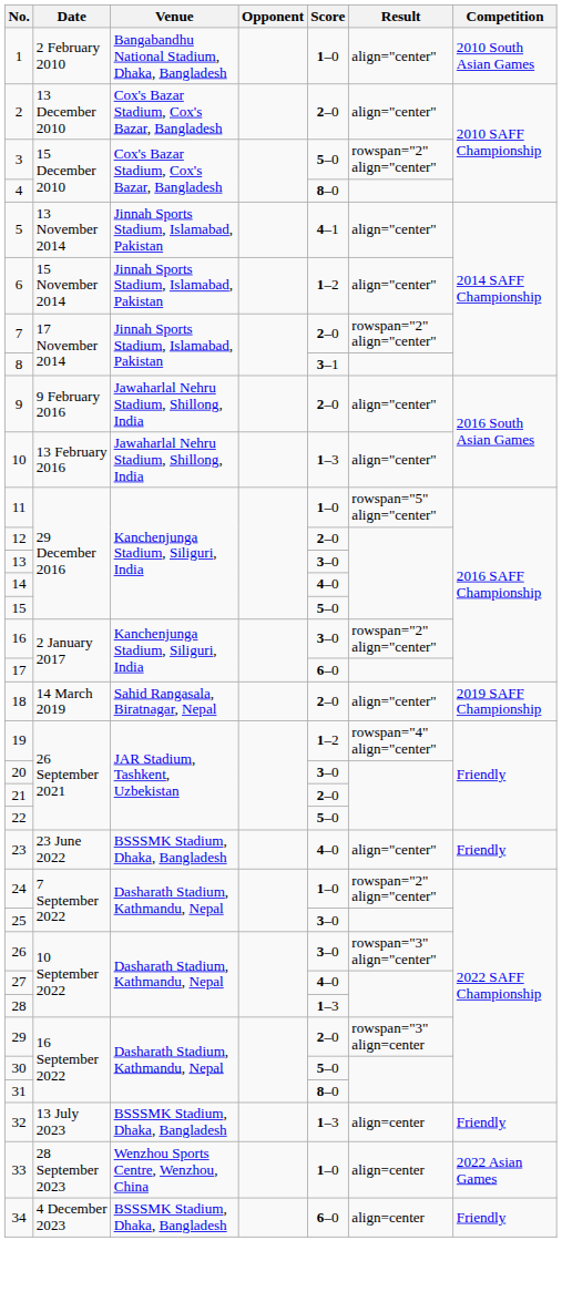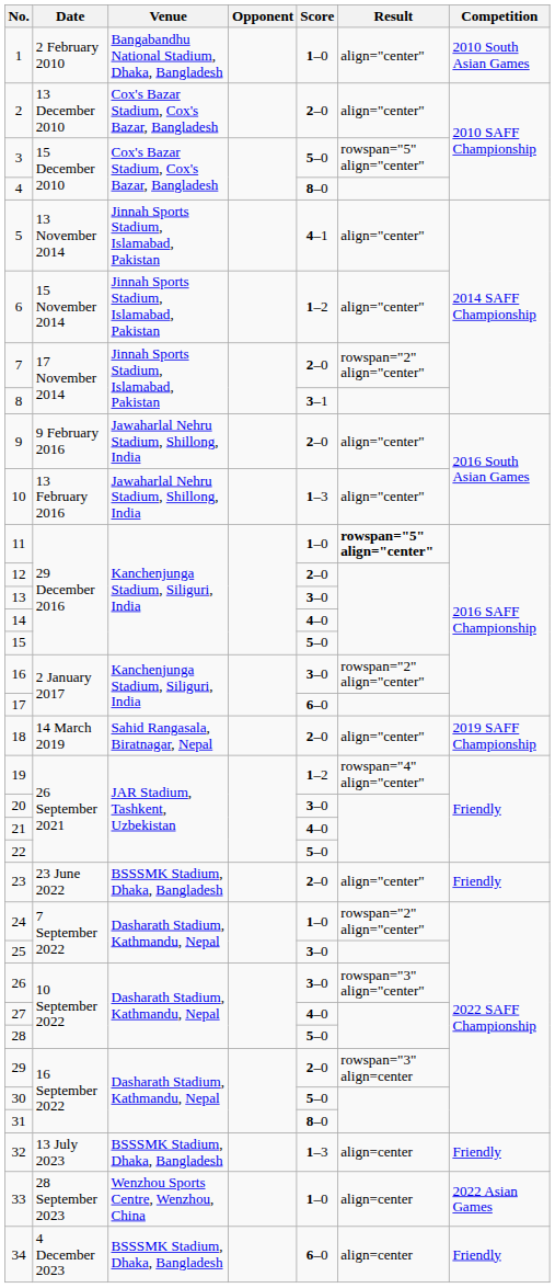 <table class="wikitable sortable">
 <tr>
 <th scope="col">No.</th>
 <th scope="col">Date</th>
 <th scope="col">Venue</th>
 <th scope="col">Opponent</th>
 <th scope="col">Score</th>
 <th scope="col">Result</th>
 <th scope="col">Competition</th>
 </tr>
 <tr>
 <td align=center>1</td>
 <td>2 February 2010</td>
 <td><a href='#'>Bangabandhu National Stadium</a>, <a href='#'>Dhaka</a>, <a href='#'>Bangladesh</a></td>
 <td></td>
 <td align=center><strong>1</strong>–0</td>
 <td>align="center" </td>
 <td><a href='#'>2010 South Asian Games</a></td>
 </tr>
 <tr>
 <td align=center>2</td>
 <td>13 December 2010</td>
 <td><a href='#'>Cox's Bazar Stadium</a>, <a href='#'>Cox's Bazar</a>, <a href='#'>Bangladesh</a></td>
 <td></td>
 <td align=center><strong>2</strong>–0</td>
 <td>align="center" </td>
 <td rowspan="3"><a href='#'>2010 SAFF Championship</a></td>
 </tr>
 <tr>
 <td align=center>3</td>
 <td rowspan="2">15 December 2010</td>
 <td rowspan="2"><a href='#'>Cox's Bazar Stadium</a>, <a href='#'>Cox's Bazar</a>, <a href='#'>Bangladesh</a></td>
 <td rowspan="2"></td>
 <td align=center><strong>5</strong>–0</td>
-<td>rowspan="2" align="center" </td>
+<td>rowspan="5" align="center" </td>
 </tr>
 <tr>
 <td align=center>4</td>
 <td align=center><strong>8</strong>–0</td>
 </tr>
 <tr>
 <td align=center>5</td>
 <td>13 November 2014</td>
 <td><a href='#'>Jinnah Sports Stadium</a>, <a href='#'>Islamabad</a>, <a href='#'>Pakistan</a></td>
 <td></td>
 <td align=center><strong>4</strong>–1</td>
 <td>align="center" </td>
 <td rowspan="4"><a href='#'>2014 SAFF Championship</a></td>
 </tr>
 <tr>
 <td align=center>6</td>
 <td>15 November 2014</td>
 <td><a href='#'>Jinnah Sports Stadium</a>, <a href='#'>Islamabad</a>, <a href='#'>Pakistan</a></td>
 <td></td>
 <td align=center><strong>1</strong>–2</td>
 <td>align="center" </td>
 </tr>
 <tr>
 <td align=center>7</td>
 <td rowspan="2">17 November 2014</td>
 <td rowspan="2"><a href='#'>Jinnah Sports Stadium</a>, <a href='#'>Islamabad</a>, <a href='#'>Pakistan</a></td>
 <td rowspan="2"></td>
 <td align=center><strong>2</strong>–0</td>
 <td>rowspan="2" align="center" </td>
 </tr>
 <tr>
 <td align=center>8</td>
 <td align=center><strong>3</strong>–1</td>
 </tr>
 <tr>
 <td align=center>9</td>
 <td>9 February 2016</td>
 <td><a href='#'>Jawaharlal Nehru Stadium</a>, <a href='#'>Shillong</a>, <a href='#'>India</a></td>
 <td></td>
 <td align=center><strong>2</strong>–0</td>
 <td>align="center" </td>
 <td rowspan="2"><a href='#'>2016 South Asian Games</a></td>
 </tr>
 <tr>
 <td align=center>10</td>
 <td>13 February 2016</td>
 <td><a href='#'>Jawaharlal Nehru Stadium</a>, <a href='#'>Shillong</a>, <a href='#'>India</a></td>
 <td></td>
 <td align=center><strong>1</strong>–3</td>
 <td>align="center" </td>
 </tr>
 <tr>
 <td align=center>11</td>
 <td rowspan="5">29 December 2016</td>
 <td rowspan="5"><a href='#'>Kanchenjunga Stadium</a>, <a href='#'>Siliguri</a>, <a href='#'>India</a></td>
 <td rowspan="5"></td>
 <td align=center><strong>1</strong>–0</td>
-<td>rowspan="5" align="center" </td>
+<td><strong>rowspan="5" align="center" </strong></td>
 <td rowspan="7"><a href='#'>2016 SAFF Championship</a></td>
 </tr>
 <tr>
 <td align=center>12</td>
 <td align=center><strong>2</strong>–0</td>
 </tr>
 <tr>
 <td align=center>13</td>
 <td align=center><strong>3</strong>–0</td>
 </tr>
 <tr>
 <td align=center>14</td>
 <td align=center><strong>4</strong>–0</td>
 </tr>
 <tr>
 <td align=center>15</td>
 <td align=center><strong>5</strong>–0</td>
 </tr>
 <tr>
 <td align=center>16</td>
 <td rowspan="2">2 January 2017</td>
 <td rowspan="2"><a href='#'>Kanchenjunga Stadium</a>, <a href='#'>Siliguri</a>, <a href='#'>India</a></td>
 <td rowspan="2"></td>
 <td align=center><strong>3</strong>–0</td>
 <td>rowspan="2" align="center" </td>
 </tr>
 <tr>
 <td align=center>17</td>
 <td align=center><strong>6</strong>–0</td>
 </tr>
 <tr>
 <td align=center>18</td>
 <td>14 March 2019</td>
 <td><a href='#'>Sahid Rangasala</a>, <a href='#'>Biratnagar</a>, <a href='#'>Nepal</a></td>
 <td></td>
 <td align=center><strong>2</strong>–0</td>
 <td>align="center" </td>
 <td><a href='#'>2019 SAFF Championship</a></td>
 </tr>
 <tr>
 <td align=center>19</td>
 <td rowspan="4">26 September 2021</td>
 <td rowspan="4"><a href='#'>JAR Stadium</a>, <a href='#'>Tashkent</a>, <a href='#'>Uzbekistan</a></td>
 <td rowspan="4"></td>
 <td align=center><strong>1</strong>–2</td>
 <td>rowspan="4" align="center" </td>
 <td rowspan="4"><a href='#'>Friendly</a></td>
 </tr>
 <tr>
 <td align=center>20</td>
 <td align=center><strong>3</strong>–0</td>
 </tr>
 <tr>
 <td align=center>21</td>
-<td align=center><strong>2</strong>–0</td>
+<td align=center><strong>4</strong>–0</td>
 </tr>
 <tr>
 <td align=center>22</td>
 <td align=center><strong>5</strong>–0</td>
 </tr>
 <tr>
 <td align=center>23</td>
 <td>23 June 2022</td>
 <td><a href='#'>BSSSMK Stadium</a>, <a href='#'>Dhaka</a>, <a href='#'>Bangladesh</a></td>
 <td></td>
-<td align=center><strong>4</strong>–0</td>
+<td align=center><strong>2</strong>–0</td>
 <td>align="center" </td>
 <td><a href='#'>Friendly</a></td>
 </tr>
 <tr>
 <td align=center>24</td>
 <td rowspan="2">7 September 2022</td>
 <td rowspan="2"><a href='#'>Dasharath Stadium</a>, <a href='#'>Kathmandu</a>, <a href='#'>Nepal</a></td>
 <td rowspan="2"></td>
 <td align=center><strong>1</strong>–0</td>
 <td>rowspan="2" align="center" </td>
 <td rowspan="8"><a href='#'>2022 SAFF Championship</a></td>
 </tr>
 <tr>
 <td align=center>25</td>
 <td align=center><strong>3</strong>–0</td>
 </tr>
 <tr>
 <td align=center>26</td>
 <td rowspan="3">10 September 2022</td>
 <td rowspan="3"><a href='#'>Dasharath Stadium</a>, <a href='#'>Kathmandu</a>, <a href='#'>Nepal</a></td>
 <td rowspan="3"></td>
 <td align=center><strong>3</strong>–0</td>
 <td>rowspan="3" align="center" </td>
 </tr>
 <tr>
 <td align=center>27</td>
 <td align=center><strong>4</strong>–0</td>
 </tr>
 <tr>
 <td align=center>28</td>
-<td align=center><strong>1</strong>–3</td>
+<td align=center><strong>5</strong>–0</td>
 </tr>
 <tr>
 <td align=center>29</td>
 <td rowspan="3">16 September 2022</td>
 <td rowspan="3"><a href='#'>Dasharath Stadium</a>, <a href='#'>Kathmandu</a>, <a href='#'>Nepal</a></td>
 <td rowspan="3"></td>
 <td align=center><strong>2</strong>–0</td>
 <td>rowspan="3" align=center </td>
 </tr>
 <tr>
 <td align=center>30</td>
 <td align=center><strong>5</strong>–0</td>
 </tr>
 <tr>
 <td align=center>31</td>
 <td align=center><strong>8</strong>–0</td>
 </tr>
 <tr>
 <td align=center>32</td>
 <td>13 July 2023</td>
 <td><a href='#'>BSSSMK Stadium</a>, <a href='#'>Dhaka</a>, <a href='#'>Bangladesh</a></td>
 <td></td>
 <td align=center><strong>1</strong>–3</td>
 <td>align=center </td>
 <td><a href='#'>Friendly</a></td>
 </tr>
 <tr>
 <td align=center>33</td>
 <td>28 September 2023</td>
 <td><a href='#'>Wenzhou Sports Centre</a>, <a href='#'>Wenzhou</a>, <a href='#'>China</a></td>
 <td></td>
 <td align=center><strong>1</strong>–0</td>
 <td>align=center </td>
 <td><a href='#'>2022 Asian Games</a></td>
 </tr>
 <tr>
 <td align=center>34</td>
 <td>4 December 2023</td>
 <td><a href='#'>BSSSMK Stadium</a>, <a href='#'>Dhaka</a>, <a href='#'>Bangladesh</a></td>
 <td></td>
 <td align=center><strong>6</strong>–0</td>
 <td>align=center </td>
 <td><a href='#'>Friendly</a></td>
 </tr>
 </table>
